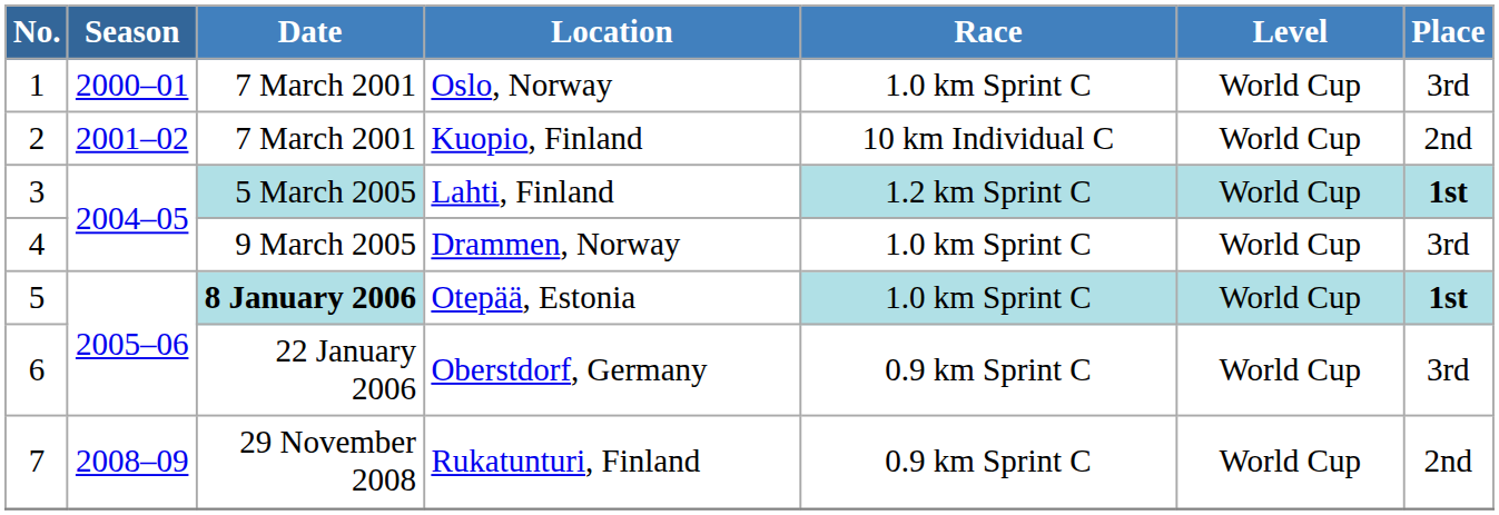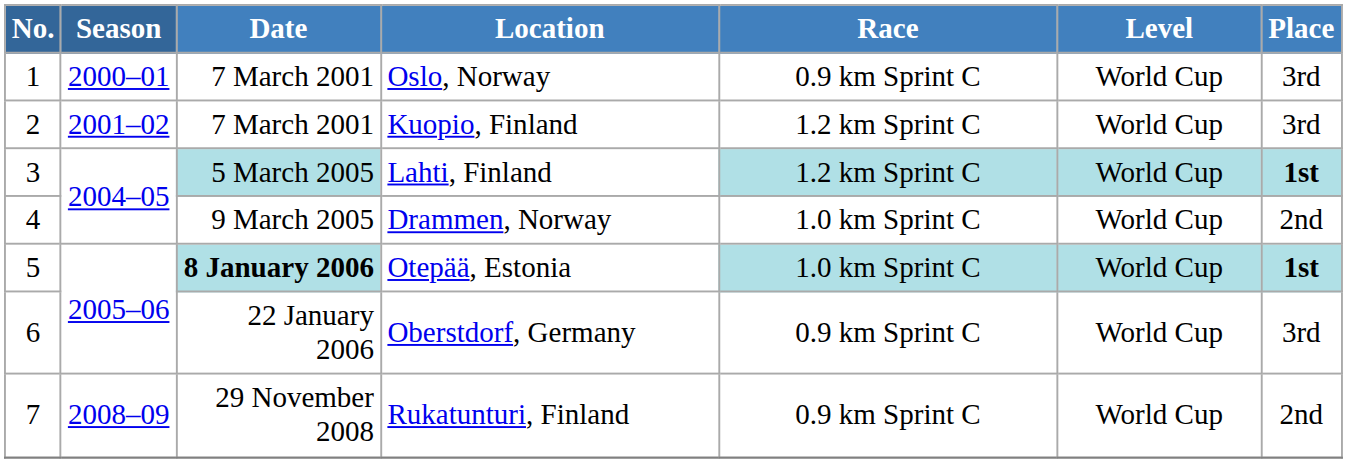 <table class="wikitable sortable" style="font-size:95%; text-align:center; border:grey solid 1px; border-collapse:collapse; background:#ffffff;">
 <tr style="background:#efefef;">
 <th style="background-color:#369; color:white;">No.</th>
 <th style="background-color:#369; color:white;">Season</th>
 <th style="background-color:#4180be; color:white; width:100px;">Date</th>
 <th style="background-color:#4180be; color:white; width:170px;">Location</th>
 <th style="background-color:#4180be; color:white; width:170px;">Race</th>
 <th style="background-color:#4180be; color:white; width:100px;">Level</th>
 <th style="background-color:#4180be; color:white;">Place</th>
 </tr>
 <tr>
 <td align=center>1</td>
 <td rowspan=1 align=center><a href='#'>2000–01</a></td>
 <td align=right>7 March 2001</td>
 <td align=left> <a href='#'>Oslo</a>, Norway</td>
-<td>1.0 km Sprint C</td>
+<td>0.9 km Sprint C</td>
 <td>World Cup</td>
 <td>3rd</td>
 </tr>
 <tr>
 <td align=center>2</td>
 <td rowspan=1 align=center><a href='#'>2001–02</a></td>
 <td align=right>7 March 2001</td>
 <td align=left> <a href='#'>Kuopio</a>, Finland</td>
-<td>10 km Individual C</td>
+<td>1.2 km Sprint C</td>
 <td>World Cup</td>
-<td>2nd</td>
+<td>3rd</td>
 </tr>
 <tr>
 <td align=center>3</td>
 <td rowspan=2 align=center><a href='#'>2004–05</a></td>
 <td bgcolor="#BOEOE6" align=right>5 March 2005</td>
 <td align=left> <a href='#'>Lahti</a>, Finland</td>
 <td bgcolor="#BOEOE6">1.2 km Sprint C</td>
 <td bgcolor="#BOEOE6">World Cup</td>
 <td bgcolor="#BOEOE6"><strong>1st</strong></td>
 </tr>
 <tr>
 <td align=center>4</td>
 <td align=right>9 March 2005</td>
 <td align=left> <a href='#'>Drammen</a>, Norway</td>
 <td>1.0 km Sprint C</td>
 <td>World Cup</td>
-<td>3rd</td>
+<td>2nd</td>
 </tr>
 <tr>
 <td align=center>5</td>
 <td rowspan=2 align=center><a href='#'>2005–06</a></td>
 <td bgcolor="#BOEOE6" align=right><strong>8 January 2006</strong></td>
 <td align=left> <a href='#'>Otepää</a>, Estonia</td>
 <td bgcolor="#BOEOE6">1.0 km Sprint C</td>
 <td bgcolor="#BOEOE6">World Cup</td>
 <td bgcolor="#BOEOE6"><strong>1st</strong></td>
 </tr>
 <tr>
 <td align=center>6</td>
 <td align=right>22 January 2006</td>
 <td align=left> <a href='#'>Oberstdorf</a>, Germany</td>
 <td>0.9 km Sprint C</td>
 <td>World Cup</td>
 <td>3rd</td>
 </tr>
 <tr>
 <td align=center>7</td>
 <td rowspan=1 align=center><a href='#'>2008–09</a></td>
 <td align=right>29 November 2008</td>
 <td align=left> <a href='#'>Rukatunturi</a>, Finland</td>
 <td>0.9 km Sprint C</td>
 <td>World Cup</td>
 <td>2nd</td>
 </tr>
 <tr>
 </tr>
 </table>
